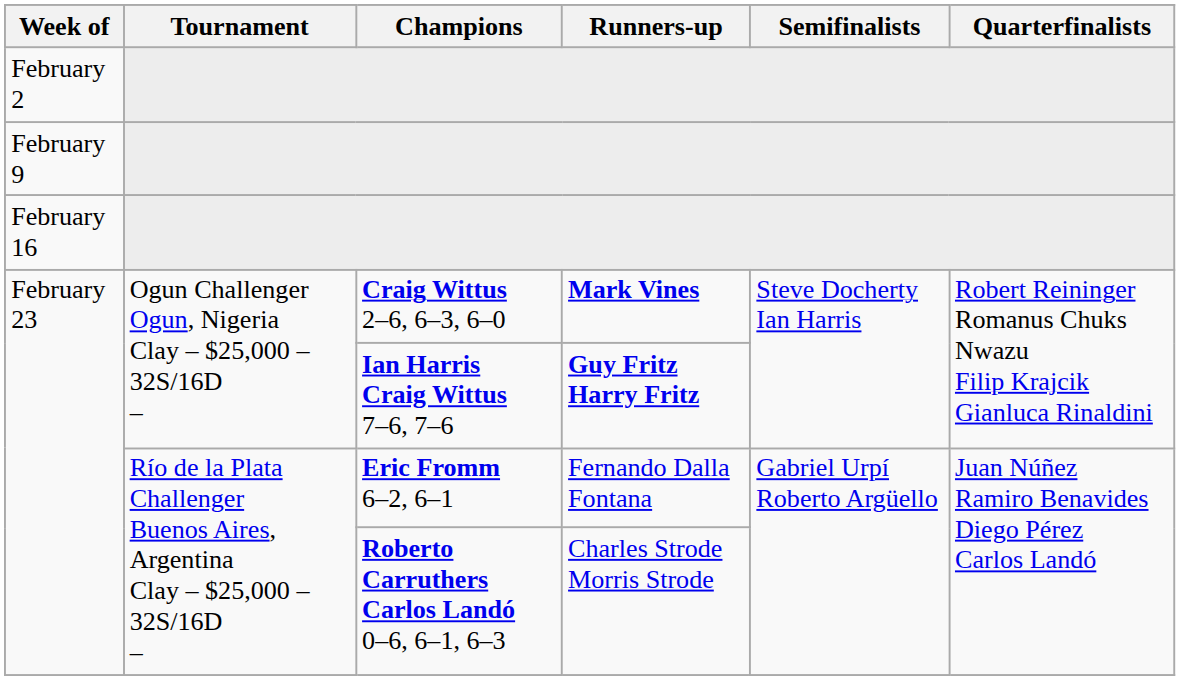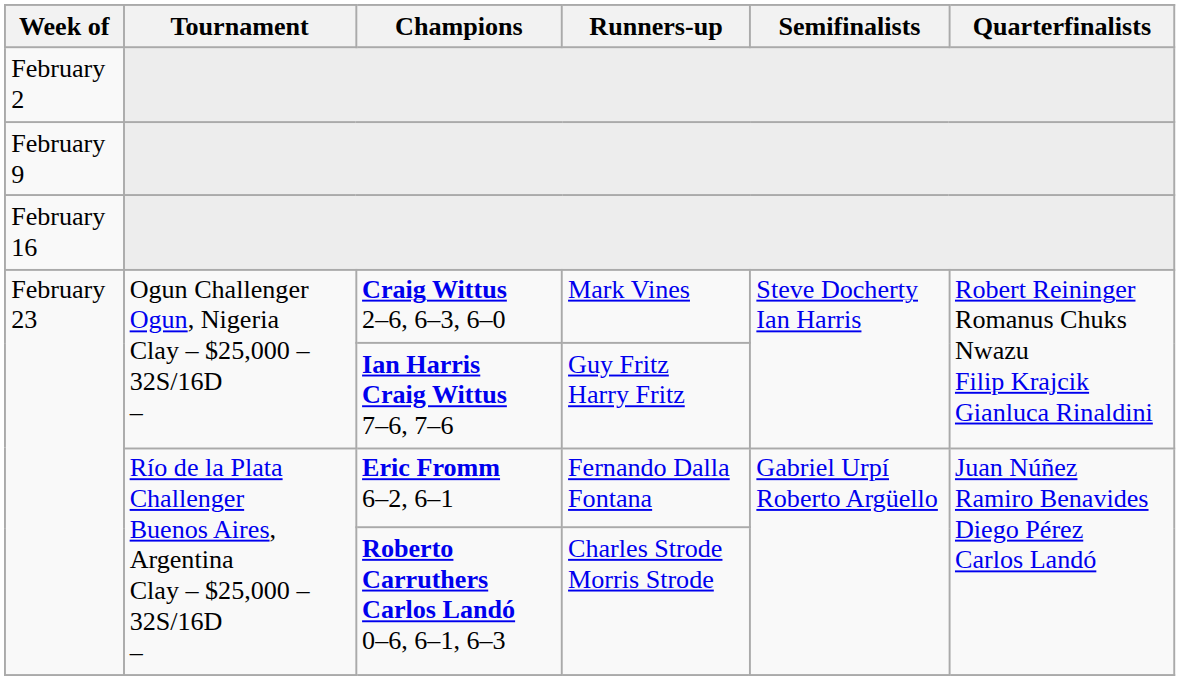 <table class="wikitable" style="font-size:85%;">
 <tr>
 <th width="75">Week of</th>
 <th width="250">Tournament</th>
 <th width="210">Champions</th>
 <th width="210">Runners-up</th>
 <th width="170">Semifinalists</th>
 <th width="170">Quarterfinalists</th>
 </tr>
 <tr valign="top">
 <td rowspan="1">February 2</td>
 <td colspan="5" bgcolor="#ededed"></td>
 </tr>
 <tr valign="top">
 <td rowspan="1">February 9</td>
 <td colspan="5" bgcolor="#ededed"></td>
 </tr>
 <tr valign="top">
 <td rowspan="1">February 16</td>
 <td colspan="5" bgcolor="#ededed"></td>
 </tr>
 <tr valign="top">
 <td rowspan="4">February 23</td>
 <td rowspan="2">Ogun Challenger<br><a href='#'>Ogun</a>, Nigeria<br>Clay – $25,000 – 32S/16D<br>  – </td>
 <td> <strong><a href='#'>Craig Wittus</a></strong> <br>2–6, 6–3, 6–0</td>
-<td><strong> <a href='#'>Mark Vines</a></strong></td>
+<td> <a href='#'>Mark Vines</a></td>
 <td rowspan="2"> <a href='#'>Steve Docherty</a> <br>  <a href='#'>Ian Harris</a></td>
 <td rowspan="2"> <a href='#'>Robert Reininger</a> <br> Romanus Chuks Nwazu <br> <a href='#'>Filip Krajcik</a> <br>  <a href='#'>Gianluca Rinaldini</a></td>
 </tr>
 <tr valign="top">
 <td> <strong><a href='#'>Ian Harris</a></strong> <br> <strong><a href='#'>Craig Wittus</a></strong><br>7–6, 7–6</td>
-<td><strong> <a href='#'>Guy Fritz</a><br>  <a href='#'>Harry Fritz</a></strong></td>
+<td> <a href='#'>Guy Fritz</a><br>  <a href='#'>Harry Fritz</a></td>
 </tr>
 <tr valign="top">
 <td rowspan="2"><a href='#'>Río de la Plata Challenger</a><br><a href='#'>Buenos Aires</a>, Argentina<br>Clay – $25,000 – 32S/16D<br>  – </td>
 <td> <strong><a href='#'>Eric Fromm</a></strong> <br>6–2, 6–1</td>
 <td> <a href='#'>Fernando Dalla Fontana</a></td>
 <td rowspan="2"> <a href='#'>Gabriel Urpí</a> <br>  <a href='#'>Roberto Argüello</a></td>
 <td rowspan="2"> <a href='#'>Juan Núñez</a> <br> <a href='#'>Ramiro Benavides</a> <br> <a href='#'>Diego Pérez</a> <br>  <a href='#'>Carlos Landó</a></td>
 </tr>
 <tr valign="top">
 <td> <strong><a href='#'>Roberto Carruthers</a></strong> <br> <strong><a href='#'>Carlos Landó</a></strong><br>0–6, 6–1, 6–3</td>
 <td> <a href='#'>Charles Strode</a><br>  <a href='#'>Morris Strode</a></td>
 </tr>
 </table>
